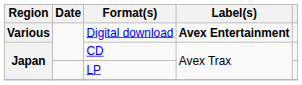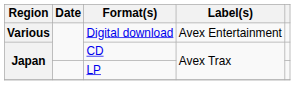 <table class="wikitable plainrowheaders">
 <tr>
 <th scope="col">Region</th>
 <th scope="col">Date</th>
 <th scope="col">Format(s)</th>
 <th scope="col">Label(s)</th>
 <th scope="col"></th>
 </tr>
 <tr>
 <th scope="row">Various</th>
 <td rowspan="2"></td>
 <td><a href='#'>Digital download</a></td>
-<td><strong>Avex Entertainment</strong></td>
+<td>Avex Entertainment</td>
 <td></td>
 </tr>
 <tr>
 <th scope="row" rowspan="2">Japan</th>
 <td><a href='#'>CD</a></td>
 <td rowspan="2">Avex Trax</td>
 <td></td>
 </tr>
 <tr>
 <td></td>
 <td><a href='#'>LP</a></td>
 <td></td>
 </tr>
 <tr>
 </tr>
 </table>
